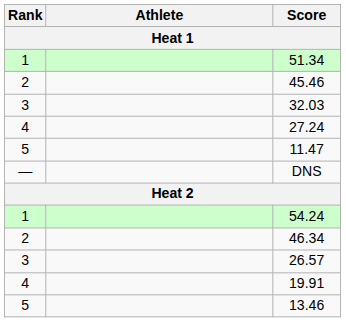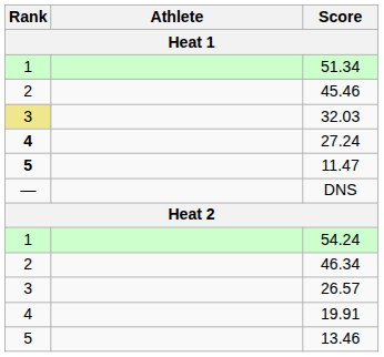 <table class=wikitable style="text-align:center">
 <tr>
 <th width=40>Rank</th>
 <th width=250>Athlete</th>
 <th width=70>Score</th>
 </tr>
 <tr>
 <th colspan=3>Heat 1</th>
 </tr>
 <tr bgcolor="ccffcc">
 <td>1</td>
 <td align=left></td>
 <td>51.34</td>
 </tr>
 <tr>
 <td>2</td>
 <td align=left></td>
 <td>45.46</td>
 </tr>
 <tr>
-<td>3</td>
+<td style="background: khaki;">3</td>
 <td align=left></td>
 <td>32.03</td>
 </tr>
 <tr>
-<td>4</td>
+<td><strong>4</strong></td>
 <td align=left></td>
 <td>27.24</td>
 </tr>
 <tr>
-<td>5</td>
+<td><strong>5</strong></td>
 <td align=left></td>
 <td>11.47</td>
 </tr>
 <tr>
 <td>—</td>
 <td align=left></td>
 <td>DNS</td>
 </tr>
 <tr>
 <th colspan=3>Heat 2</th>
 </tr>
 <tr bgcolor="ccffcc">
 <td>1</td>
 <td align=left></td>
 <td>54.24</td>
 </tr>
 <tr>
 <td>2</td>
 <td align=left></td>
 <td>46.34</td>
 </tr>
 <tr>
 <td>3</td>
 <td align=left></td>
 <td>26.57</td>
 </tr>
 <tr>
 <td>4</td>
 <td align=left></td>
 <td>19.91</td>
 </tr>
 <tr>
 <td>5</td>
 <td align=left></td>
 <td>13.46</td>
 </tr>
 </table>
